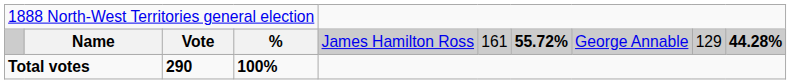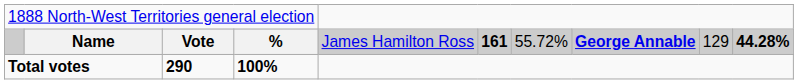 <table class="wikitable">
 <tr>
 <td colspan=4 align=center><a href='#'>1888 North-West Territories general election</a></td>
 </tr>
 <tr bgcolor="CCCCCC">
 <td></td>
 <th>Name</th>
 <th>Vote</th>
 <th>%<br></th>
 <td><a href='#'>James Hamilton Ross</a></td>
-<td>161</td>
-<td><strong>55.72%<br></strong></td>
-<td><a href='#'>George Annable</a></td>
+<td><strong>161</strong></td>
+<td>55.72%<br></td>
+<td><strong><a href='#'>George Annable</a></strong></td>
 <td>129</td>
 <td><strong>44.28%</strong></td>
 </tr>
 <tr>
 <td colspan=2><strong>Total votes</strong></td>
 <td><strong>290</strong></td>
 <td alignment="left"><strong>100%</strong></td>
 </tr>
 </table>
